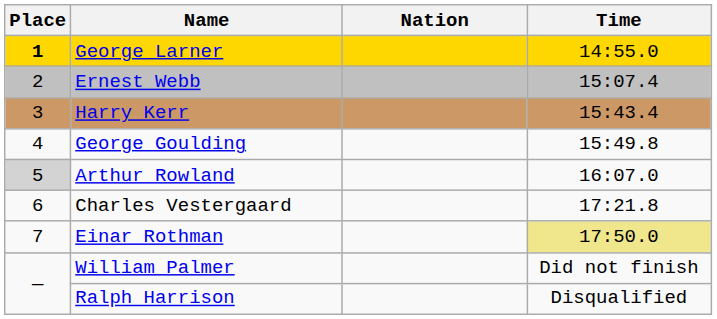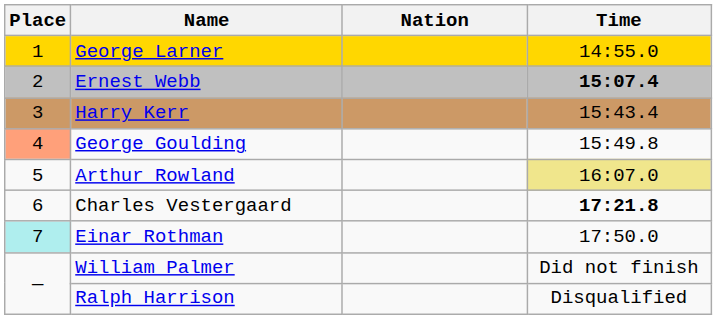 <table class=wikitable>
 <tr>
 <th width=20>Place</th>
 <th width=180>Name</th>
 <th width=120>Nation</th>
 <th width=120>Time</th>
 </tr>
 <tr bgcolor=gold>
-<td align=center><strong>1</strong></td>
+<td align=center>1</td>
 <td><a href='#'>George Larner</a></td>
 <td></td>
 <td align=center>14:55.0</td>
 </tr>
 <tr bgcolor=silver>
 <td align=center>2</td>
 <td><a href='#'>Ernest Webb</a></td>
 <td></td>
-<td align=center>15:07.4</td>
+<td align=center><strong>15:07.4</strong></td>
 </tr>
 <tr bgcolor=cc9966>
 <td align=center>3</td>
 <td><a href='#'>Harry Kerr</a></td>
 <td></td>
 <td align=center>15:43.4</td>
 </tr>
 <tr>
-<td align=center>4</td>
+<td align=center style="background: lightsalmon;">4</td>
 <td><a href='#'>George Goulding</a></td>
 <td></td>
 <td align=center>15:49.8</td>
 </tr>
 <tr>
-<td align=center style="background: lightgrey;">5</td>
+<td align=center>5</td>
 <td><a href='#'>Arthur Rowland</a></td>
 <td></td>
-<td align=center>16:07.0</td>
+<td align=center style="background: khaki;">16:07.0</td>
 </tr>
 <tr>
 <td align=center>6</td>
 <td>Charles Vestergaard</td>
 <td></td>
-<td align=center>17:21.8</td>
+<td align=center><strong>17:21.8</strong></td>
 </tr>
 <tr>
-<td align=center>7</td>
+<td align=center style="background: paleturquoise;">7</td>
 <td><a href='#'>Einar Rothman</a></td>
 <td></td>
-<td align=center style="background: khaki;">17:50.0</td>
+<td align=center>17:50.0</td>
 </tr>
 <tr>
 <td align=center rowspan=2>—</td>
 <td><a href='#'>William Palmer</a></td>
 <td></td>
 <td align=center>Did not finish</td>
 </tr>
 <tr>
 <td><a href='#'>Ralph Harrison</a></td>
 <td></td>
 <td align=center>Disqualified</td>
 </tr>
 </table>
